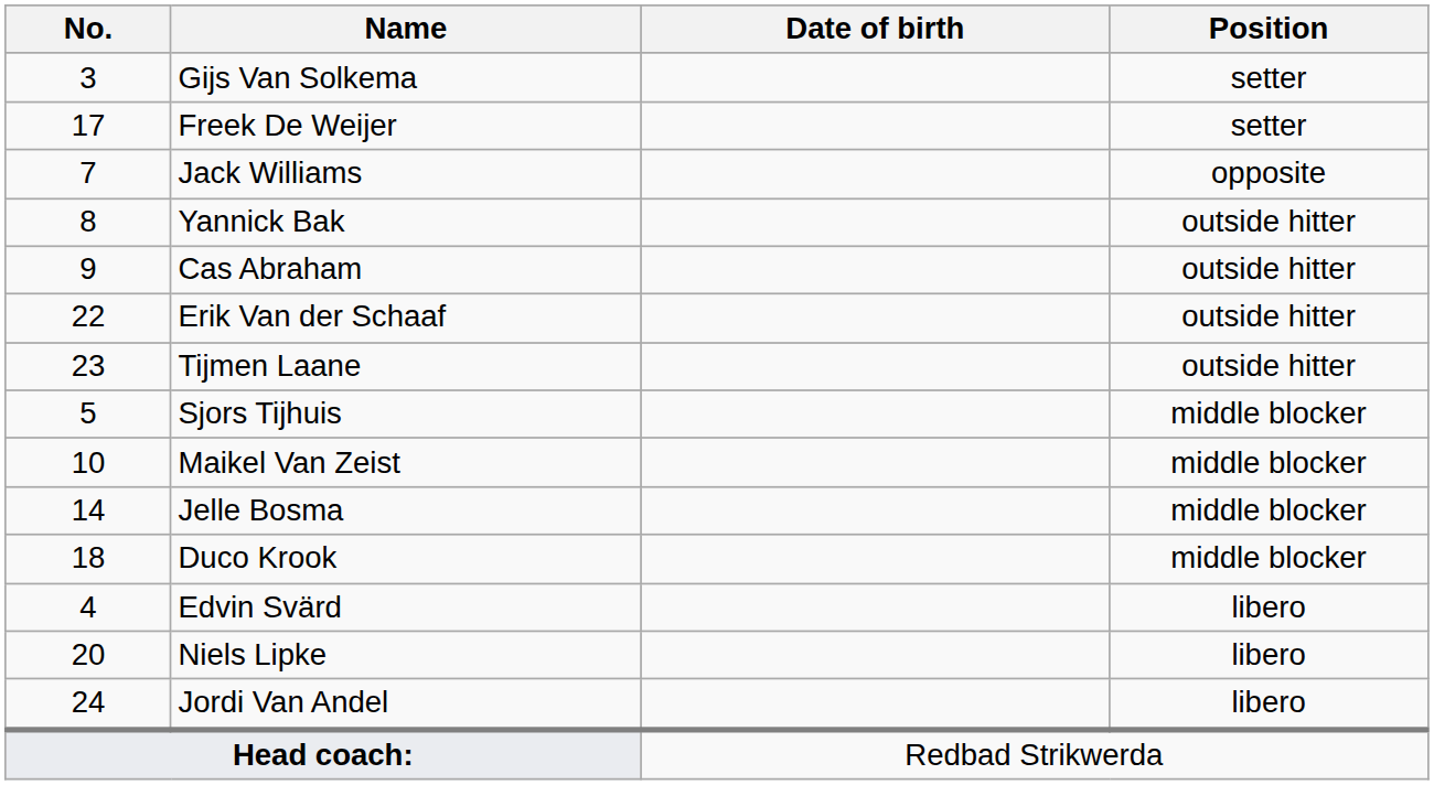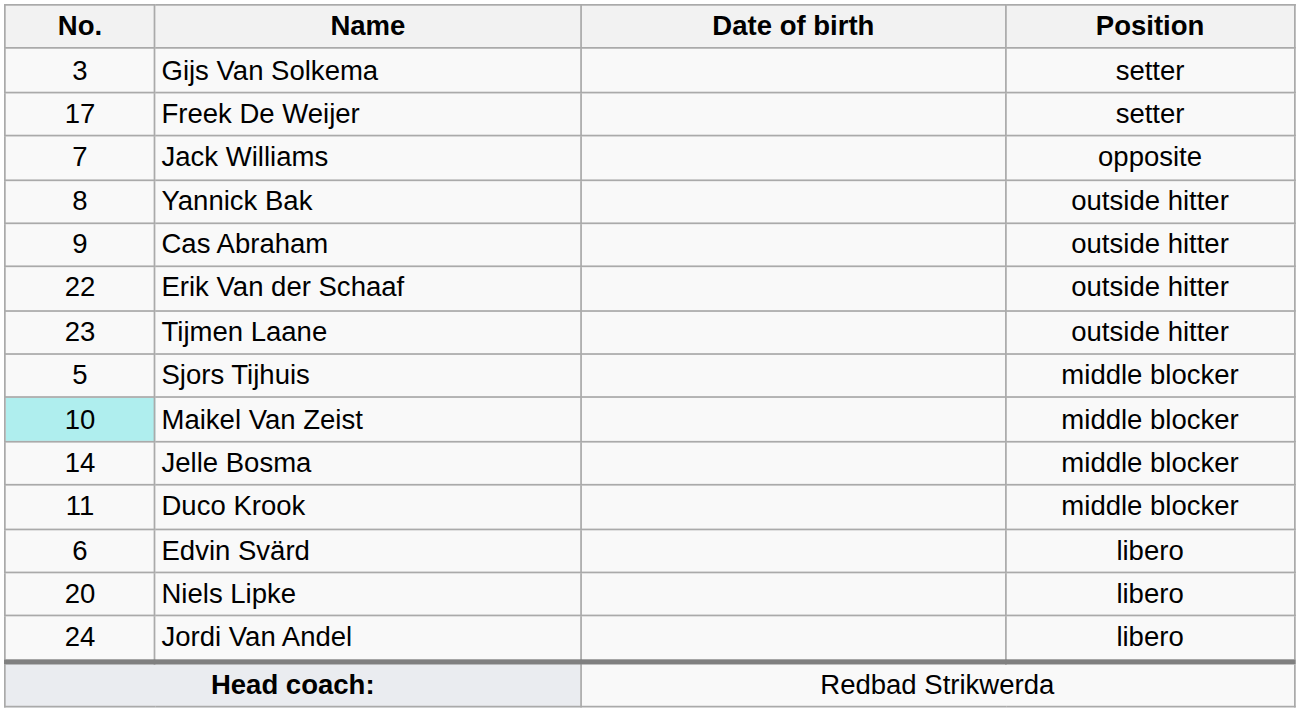 <table class="wikitable sortable" style="font-size:100%; text-align:center;">
 <tr>
 <th style="width:5em">No.</th>
 <th style="width:15em">Name</th>
 <th style="width:15em">Date of birth</th>
 <th style="width:10em">Position</th>
 </tr>
 <tr>
 <td>3</td>
 <td align=left> Gijs Van Solkema</td>
 <td align=right></td>
 <td>setter</td>
 </tr>
 <tr>
 <td>17</td>
 <td align=left> Freek De Weijer</td>
 <td align=right></td>
 <td>setter</td>
 </tr>
 <tr>
 <td>7</td>
 <td align=left> Jack Williams</td>
 <td align=right></td>
 <td>opposite</td>
 </tr>
 <tr>
 <td>8</td>
 <td align=left> Yannick Bak</td>
 <td align=right></td>
 <td>outside hitter</td>
 </tr>
 <tr>
 <td>9</td>
 <td align=left> Cas Abraham</td>
 <td align=right></td>
 <td>outside hitter</td>
 </tr>
 <tr>
 <td>22</td>
 <td align=left> Erik Van der Schaaf</td>
 <td align=right></td>
 <td>outside hitter</td>
 </tr>
 <tr>
 <td>23</td>
 <td align=left> Tijmen Laane</td>
 <td align=right></td>
 <td>outside hitter</td>
 </tr>
 <tr>
 <td>5</td>
 <td align=left> Sjors Tijhuis</td>
 <td align=right></td>
 <td>middle blocker</td>
 </tr>
 <tr>
-<td>10</td>
+<td style="background: paleturquoise;">10</td>
 <td align=left> Maikel Van Zeist</td>
 <td align=right></td>
 <td>middle blocker</td>
 </tr>
 <tr>
 <td>14</td>
 <td align=left> Jelle Bosma</td>
 <td align=right></td>
 <td>middle blocker</td>
 </tr>
 <tr>
-<td>18</td>
+<td>11</td>
 <td align=left> Duco Krook</td>
 <td align=right></td>
 <td>middle blocker</td>
 </tr>
 <tr>
-<td>4</td>
+<td>6</td>
 <td align=left> Edvin Svärd</td>
 <td align=right></td>
 <td>libero</td>
 </tr>
 <tr>
 <td>20</td>
 <td align=left> Niels Lipke</td>
 <td align=right></td>
 <td>libero</td>
 </tr>
 <tr>
 <td>24</td>
 <td align=left> Jordi Van Andel</td>
 <td align=right></td>
 <td>libero</td>
 </tr>
 <tr class="sortbottom" style="border-top: 3px solid grey">
 <td colspan=2 style="background:#EAECF0"><strong>Head coach:</strong></td>
 <td colspan=3> Redbad Strikwerda</td>
 </tr>
 </table>
